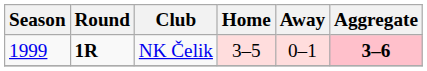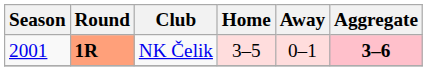 <table class="wikitable">
 <tr>
 <th>Season</th>
 <th>Round</th>
 <th>Club</th>
 <th>Home</th>
 <th>Away</th>
 <th>Aggregate</th>
 </tr>
 <tr>
-<td><a href='#'>1999</a></td>
-<td><strong>1R</strong></td>
+<td><a href='#'>2001</a></td>
+<td style="background: lightsalmon;"><strong>1R</strong></td>
 <td> <a href='#'>NK Čelik</a></td>
 <td style="text-align:center; background:#fdd;">3–5</td>
 <td style="text-align:center; background:#fdd;">0–1</td>
 <td style="background: pink; text-align:center;"><strong>3–6</strong></td>
 </tr>
 <tr>
 </tr>
 </table>
